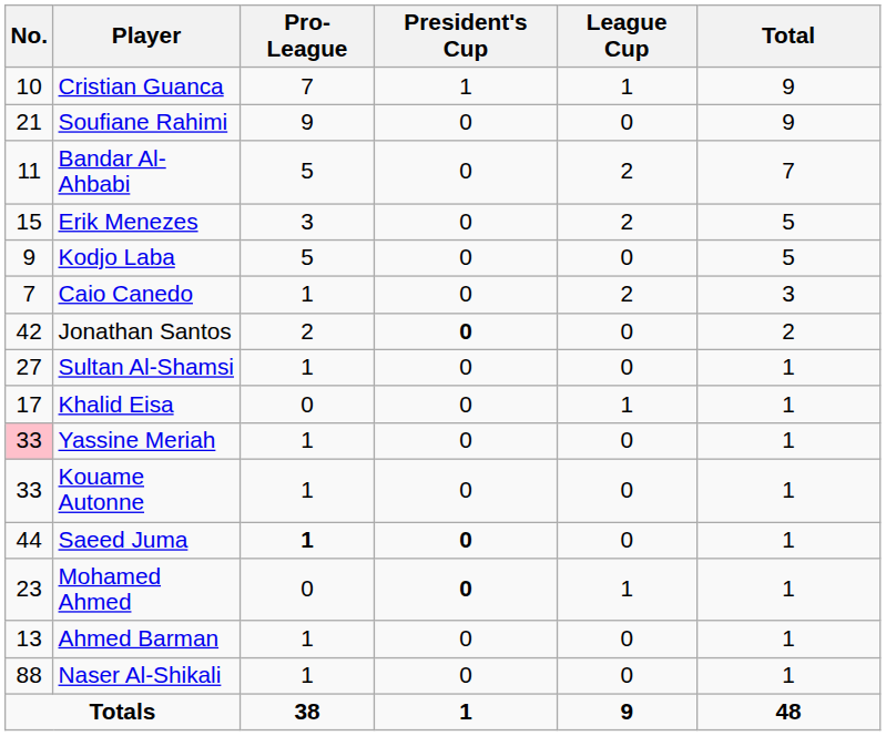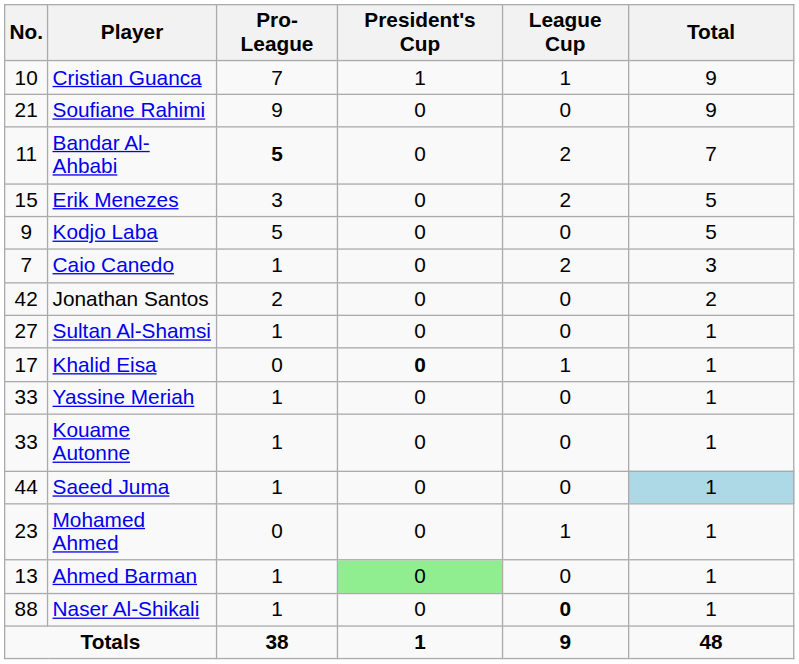 <table class=wikitable>
 <tr>
 <th>No.</th>
 <th>Player</th>
 <th>Pro-League</th>
 <th>President's Cup</th>
 <th>League Cup</th>
 <th width=120>Total</th>
 </tr>
 <tr>
 <td align="center">10</td>
 <td align=left> <a href='#'>Cristian Guanca</a></td>
 <td align="center">7</td>
 <td align="center">1</td>
 <td align="center">1</td>
 <td align="center">9</td>
 </tr>
 <tr>
 <td align="center">21</td>
 <td align=left> <a href='#'>Soufiane Rahimi</a></td>
 <td align="center">9</td>
 <td align="center">0</td>
 <td align="center">0</td>
 <td align="center">9</td>
 </tr>
 <tr>
 <td align="center">11</td>
 <td align=left> <a href='#'>Bandar Al-Ahbabi</a></td>
-<td align="center">5</td>
+<td align="center"><strong>5</strong></td>
 <td align="center">0</td>
 <td align="center">2</td>
 <td align="center">7</td>
 </tr>
 <tr>
 <td align="center">15</td>
 <td align=left> <a href='#'>Erik Menezes</a></td>
 <td align="center">3</td>
 <td align="center">0</td>
 <td align="center">2</td>
 <td align="center">5</td>
 </tr>
 <tr>
 <td align="center">9</td>
 <td align=left> <a href='#'>Kodjo Laba</a></td>
 <td align="center">5</td>
 <td align="center">0</td>
 <td align="center">0</td>
 <td align="center">5</td>
 </tr>
 <tr>
 <td align="center">7</td>
 <td align=left> <a href='#'>Caio Canedo</a></td>
 <td align="center">1</td>
 <td align="center">0</td>
 <td align="center">2</td>
 <td align="center">3</td>
 </tr>
 <tr>
 <td align="center">42</td>
 <td align=left> Jonathan Santos</td>
 <td align="center">2</td>
-<td align="center"><strong>0</strong></td>
+<td align="center">0</td>
 <td align="center">0</td>
 <td align="center">2</td>
 </tr>
 <tr>
 <td align="center">27</td>
 <td align=left> <a href='#'>Sultan Al-Shamsi</a></td>
 <td align="center">1</td>
 <td align="center">0</td>
 <td align="center">0</td>
 <td align="center">1</td>
 </tr>
 <tr>
 <td align="center">17</td>
 <td align=left> <a href='#'>Khalid Eisa</a></td>
 <td align="center">0</td>
-<td align="center">0</td>
+<td align="center"><strong>0</strong></td>
 <td align="center">1</td>
 <td align="center">1</td>
 </tr>
 <tr>
-<td align="center" style="background: pink;">33</td>
+<td align="center">33</td>
 <td align=left> <a href='#'>Yassine Meriah</a></td>
 <td align="center">1</td>
 <td align="center">0</td>
 <td align="center">0</td>
 <td align="center">1</td>
 </tr>
 <tr>
 <td align="center">33</td>
 <td align=left> <a href='#'>Kouame Autonne</a></td>
 <td align="center">1</td>
 <td align="center">0</td>
 <td align="center">0</td>
 <td align="center">1</td>
 </tr>
 <tr>
 <td align="center">44</td>
 <td align=left> <a href='#'>Saeed Juma</a></td>
-<td align="center"><strong>1</strong></td>
-<td align="center"><strong>0</strong></td>
+<td align="center">1</td>
 <td align="center">0</td>
-<td align="center">1</td>
+<td align="center">0</td>
+<td align="center" style="background: lightblue;">1</td>
 </tr>
 <tr>
 <td align="center">23</td>
 <td align=left> <a href='#'>Mohamed Ahmed</a></td>
 <td align="center">0</td>
-<td align="center"><strong>0</strong></td>
+<td align="center">0</td>
 <td align="center">1</td>
 <td align="center">1</td>
 </tr>
 <tr>
 <td align="center">13</td>
 <td align=left> <a href='#'>Ahmed Barman</a></td>
 <td align="center">1</td>
-<td align="center">0</td>
+<td align="center" style="background: lightgreen;">0</td>
 <td align="center">0</td>
 <td align="center">1</td>
 </tr>
 <tr class="sortbottom">
 <td align="center">88</td>
 <td align=left> <a href='#'>Naser Al-Shikali</a></td>
 <td align="center">1</td>
 <td align="center">0</td>
-<td align="center">0</td>
+<td align="center"><strong>0</strong></td>
 <td align="center">1</td>
 </tr>
 <tr>
 <td colspan="2" align="center"><strong>Totals</strong></td>
 <td align="center"><strong>38</strong></td>
 <td align="center"><strong>1</strong></td>
 <td align="center"><strong>9</strong></td>
 <td align="center"><strong>48</strong></td>
 </tr>
 </table>
